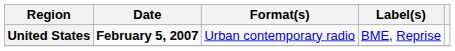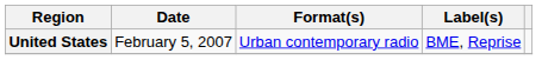 <table class="wikitable plainrowheaders">
 <tr>
 <th scope="col">Region</th>
 <th scope="col">Date</th>
 <th scope="col">Format(s)</th>
 <th scope="col">Label(s)</th>
 <th scope="col"></th>
 </tr>
 <tr>
 <th scope="row">United States</th>
-<td><strong>February 5, 2007</strong></td>
+<td>February 5, 2007</td>
 <td><a href='#'>Urban contemporary radio</a></td>
 <td><a href='#'>BME</a>, <a href='#'>Reprise</a></td>
 <td align="center"></td>
 </tr>
 <tr>
 </tr>
 </table>
